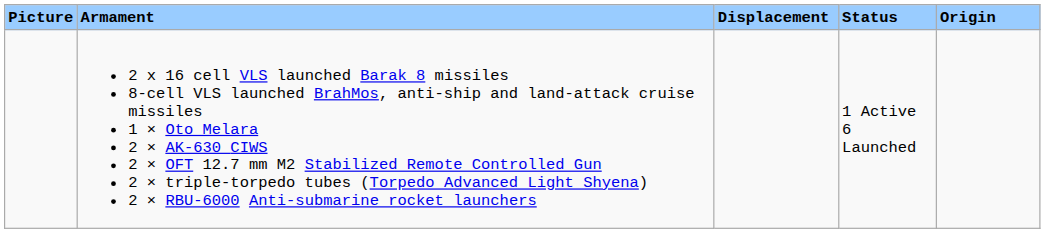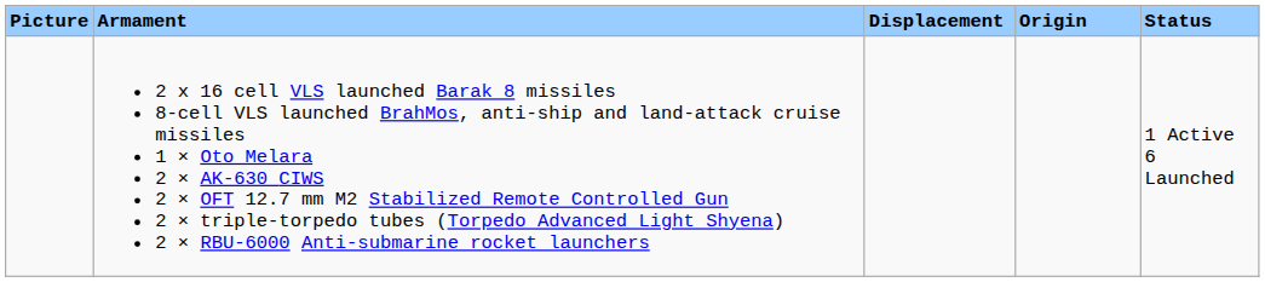 <table class="wikitable">
 <tr>
 <th style="text-align:left; background:#9cf;"><div>Picture</div></th>
 <th style="text-align:left; background:#9cf;"><div>Armament</div></th>
 <th style="text-align:left; width:12%; background:#9cf;"><div>Displacement</div></th>
+<th style="text-align:left; width:10%; background:#9cf;"><div>Origin</div></th>
 <th style="text-align:left; background:#9cf;"><div>Status</div></th>
-<th style="text-align:left; width:10%; background:#9cf;"><div>Origin</div></th>
 </tr>
 <tr>
 <td></td>
 <td><br><ul><li>2 x 16 cell <a href='#'>VLS</a> launched <a href='#'>Barak 8</a> missiles</li><li>8-cell VLS launched <a href='#'>BrahMos</a>, anti-ship and land-attack cruise missiles</li><li>1 × <a href='#'>Oto Melara </a></li><li>2 × <a href='#'>AK-630 </a> <a href='#'>CIWS</a></li><li>2 × <a href='#'>OFT</a> 12.7 mm M2 <a href='#'>Stabilized Remote Controlled Gun</a></li><li>2 × triple-torpedo tubes (<a href='#'>Torpedo Advanced Light Shyena</a>)</li><li>2 × <a href='#'>RBU-6000</a> <a href='#'>Anti-submarine rocket launchers</a></li></ul></td>
 <td></td>
+<td></td>
 <td>1 Active<br>6 Launched</td>
-<td></td>
 </tr>
 </table>
